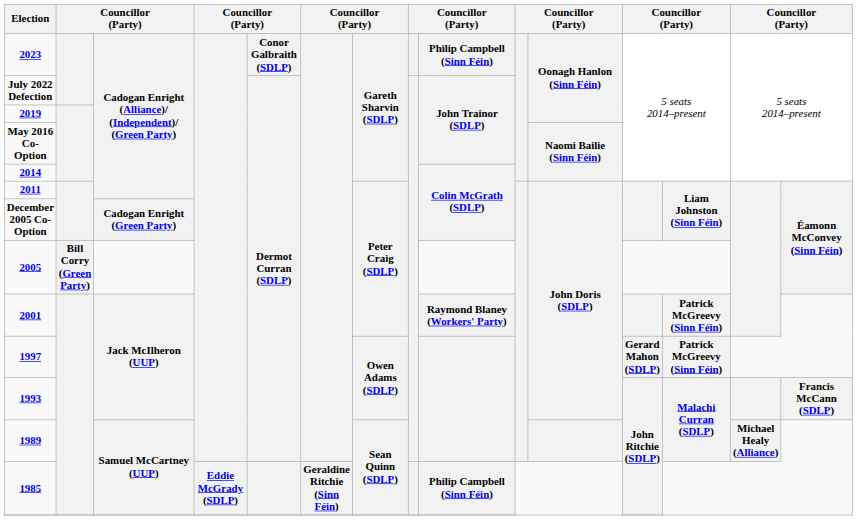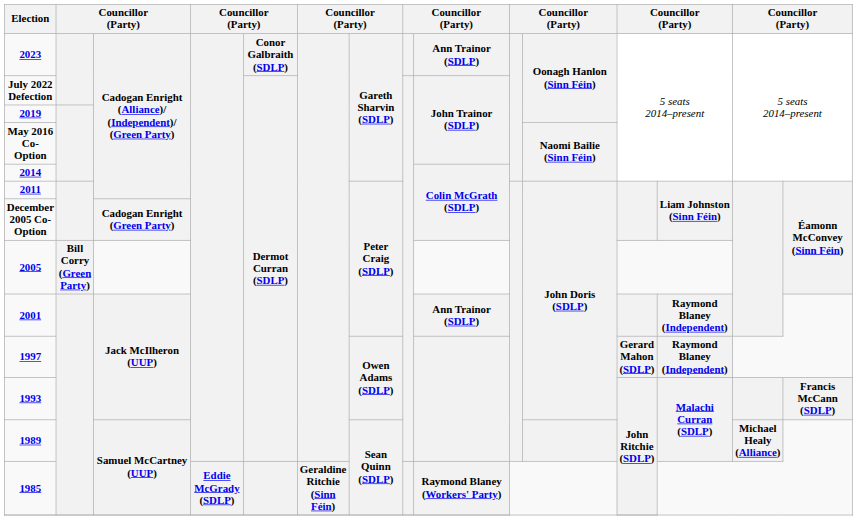 <table class="wikitable" style="text-align:center">
 <tr>
 <th scope="col" width="50">Election</th>
 <th scope="col" width="150" colspan = "2">Councillor<br> (Party)</th>
 <th scope="col" width="150" colspan = "2">Councillor<br> (Party)</th>
 <th scope="col" width="150" colspan = "2">Councillor<br> (Party)</th>
 <th scope="col" width="150" colspan = "2">Councillor<br> (Party)</th>
 <th scope="col" width="150" colspan = "2">Councillor<br> (Party)</th>
 <th scope="col" width="150" colspan = "2">Councillor<br> (Party)</th>
 <th scope="col" width="150" colspan = "2">Councillor<br> (Party)</th>
 </tr>
 <tr>
 <td><strong><a href='#'>2023</a></strong></td>
 <th rowspan="2" width="1" style="background-color: "></th>
 <th rowspan = "6">Cadogan Enright <br> (<a href='#'>Alliance</a>)/ <br> (<a href='#'>Independent</a>)/ (<a href='#'>Green Party</a>)</th>
 <th rowspan="12" width="1" style="background-color: "></th>
 <th rowspan = "1">Conor Galbraith <br> (<a href='#'>SDLP</a>)</th>
 <th rowspan="12" width="1" style="background-color: "></th>
 <th rowspan = "5">Gareth Sharvin <br> (<a href='#'>SDLP</a>)</th>
 <th rowspan="1" width="1" style="background-color: "></th>
-<th rowspan = "1">Philip Campbell <br> (<a href='#'>Sinn Féin</a>)</th>
+<th rowspan = "1">Ann Trainor <br> (<a href='#'>SDLP</a>)</th>
 <th rowspan="5" width="1" style="background-color: "></th>
 <th rowspan = "3">Oonagh Hanlon <br> (<a href='#'>Sinn Féin</a>)</th>
 <td colspan="2" rowspan="5" style="background-color:#FFFFFF"><em>5 seats<br>2014–present</em></td>
 <td colspan="2" rowspan="5" style="background-color:#FFFFFF"><em>5 seats<br>2014–present</em></td>
 </tr>
 <tr>
 <td><strong>July 2022 Defection</strong></td>
 <th rowspan = "11">Dermot Curran <br> (<a href='#'>SDLP</a>)</th>
 <th rowspan="11" width="1" style="background-color: "></th>
 <th rowspan = "3">John Trainor <br> (<a href='#'>SDLP</a>)</th>
 </tr>
 <tr>
 <td><strong><a href='#'>2019</a></strong></td>
 <th rowspan="3" width="1" style="background-color: "></th>
 </tr>
 <tr>
 <td><strong>May 2016 Co-Option</strong></td>
 <th rowspan = "2">Naomi Bailie <br> (<a href='#'>Sinn Féin</a>)</th>
 </tr>
 <tr>
 <td><strong><a href='#'>2014</a></strong></td>
 <th rowspan = "3"><a href='#'>Colin McGrath</a> <br> (<a href='#'>SDLP</a>)</th>
 </tr>
 <tr>
 <td><strong><a href='#'>2011</a></strong></td>
 <th rowspan="2" width="1" style="background-color: "></th>
 <th rowspan = "4">Peter Craig <br> (<a href='#'>SDLP</a>)</th>
 <th rowspan="7" width="1" style="background-color: "></th>
 <th rowspan = "6">John Doris <br> (<a href='#'>SDLP</a>)</th>
 <th rowspan="2" width="1" style="background-color: "></th>
 <th rowspan = "2">Liam Johnston <br> (<a href='#'>Sinn Féin</a>)</th>
 <th rowspan="4" width="1" style="background-color: "></th>
 <th rowspan = "3">Éamonn McConvey <br> (<a href='#'>Sinn Féin</a>)</th>
 </tr>
 <tr>
 <td><strong>December 2005 Co-Option</strong></td>
 <th rowspan = "1">Cadogan Enright <br> (<a href='#'>Green Party</a>)</th>
 </tr>
 <tr>
 <td><strong><a href='#'>2005</a></strong></td>
 <th rowspan = "1">Bill Corry <br> (<a href='#'>Green Party</a>)</th>
 </tr>
 <tr>
 <td><strong><a href='#'>2001</a></strong></td>
 <th rowspan="5" width="1" style="background-color: "></th>
 <th rowspan = "3">Jack McIlheron <br> (<a href='#'>UUP</a>)</th>
-<th rowspan = "1">Raymond Blaney <br> (<a href='#'>Workers' Party</a>)</th>
+<th rowspan = "1">Ann Trainor <br> (<a href='#'>SDLP</a>)</th>
 <th rowspan="1" width="1" style="background-color: "></th>
-<th rowspan = "1">Patrick McGreevy <br> (<a href='#'>Sinn Féin</a>)</th>
+<th rowspan = "1">Raymond Blaney <br> (<a href='#'>Independent</a>)</th>
 </tr>
 <tr>
 <td><strong><a href='#'>1997</a></strong></td>
 <th rowspan = "2">Owen Adams <br> (<a href='#'>SDLP</a>)</th>
 <th rowspan="3" width="1" style="background-color: "></th>
 <th rowspan = "1">Gerard Mahon <br> (<a href='#'>SDLP</a>)</th>
-<th rowspan = "1">Patrick McGreevy <br> (<a href='#'>Sinn Féin</a>)</th>
+<th rowspan = "1">Raymond Blaney <br> (<a href='#'>Independent</a>)</th>
 </tr>
 <tr>
 <td><strong><a href='#'>1993</a></strong></td>
 <th rowspan = "3">John Ritchie <br> (<a href='#'>SDLP</a>)</th>
 <th rowspan = "2"><a href='#'>Malachi Curran</a> <br> (<a href='#'>SDLP</a>)</th>
 <th rowspan="1" width="1" style="background-color: "></th>
 <th rowspan = "1">Francis McCann <br> (<a href='#'>SDLP</a>)</th>
 </tr>
 <tr>
 <td><strong><a href='#'>1989</a></strong></td>
 <th rowspan = "2">Samuel McCartney <br> (<a href='#'>UUP</a>)</th>
 <th rowspan = "2">Sean Quinn <br> (<a href='#'>SDLP</a>)</th>
 <th rowspan="1" width="1" style="background-color: "></th>
 <th rowspan = "1">Michael Healy <br> (<a href='#'>Alliance</a>)</th>
 </tr>
 <tr>
 <td><strong><a href='#'>1985</a></strong></td>
 <th rowspan = "1"><a href='#'>Eddie McGrady</a> <br> (<a href='#'>SDLP</a>)</th>
 <th rowspan="1" width="1" style="background-color: "></th>
 <th rowspan = "1">Geraldine Ritchie <br> (<a href='#'>Sinn Féin</a>)</th>
 <th rowspan="1" width="1" style="background-color: "></th>
-<th rowspan = "1">Philip Campbell <br> (<a href='#'>Sinn Féin</a>)</th>
+<th rowspan = "1">Raymond Blaney <br> (<a href='#'>Workers' Party</a>)</th>
 </tr>
 <tr>
 </tr>
 </table>
